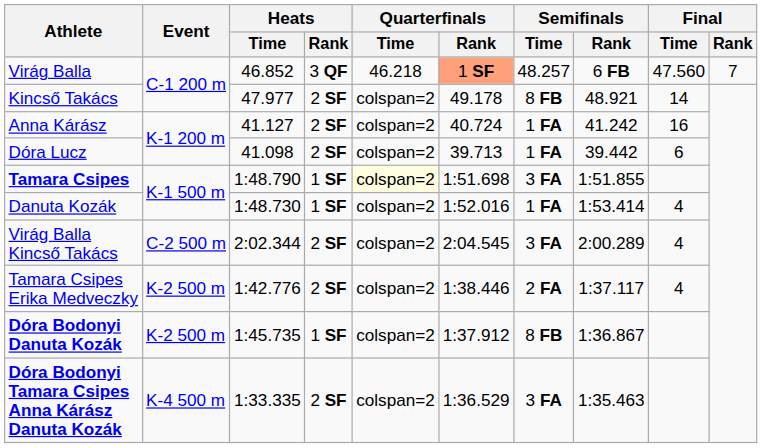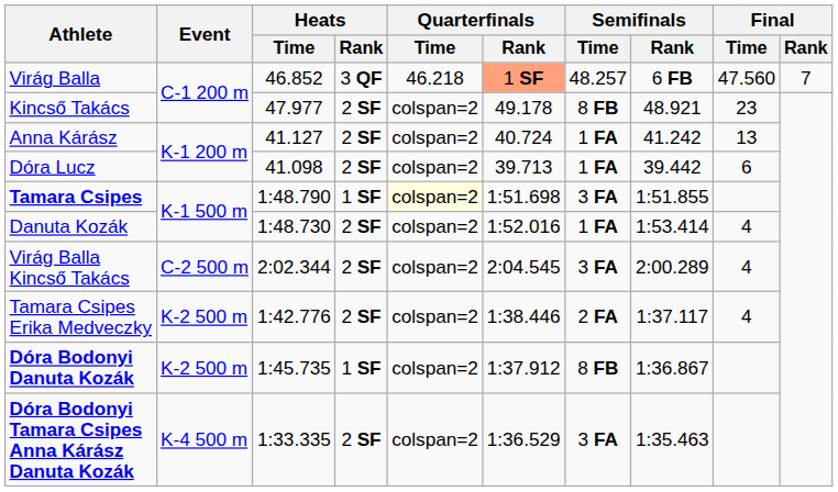 <table class=wikitable style="font-size:90%">
 <tr>
 <th rowspan="2">Athlete</th>
 <th rowspan="2">Event</th>
 <th colspan=2>Heats</th>
 <th colspan=2>Quarterfinals</th>
 <th colspan=2>Semifinals</th>
 <th colspan=2>Final</th>
 </tr>
 <tr style="font-size:95%">
 <th>Time</th>
 <th>Rank</th>
 <th>Time</th>
 <th>Rank</th>
 <th>Time</th>
 <th>Rank</th>
 <th>Time</th>
 <th>Rank</th>
 </tr>
 <tr align=center>
 <td align=left><a href='#'>Virág Balla</a></td>
 <td align=left rowspan=2><a href='#'>C-1 200 m</a></td>
 <td>46.852</td>
 <td>3 <strong>QF</strong></td>
 <td>46.218</td>
 <td style="background: lightsalmon;">1 <strong>SF</strong></td>
 <td>48.257</td>
 <td>6 <strong>FB</strong></td>
 <td>47.560</td>
 <td>7</td>
 </tr>
 <tr align=center>
 <td align=left><a href='#'>Kincső Takács</a></td>
 <td>47.977</td>
 <td>2 <strong>SF</strong></td>
 <td>colspan=2 </td>
 <td>49.178</td>
 <td>8 <strong>FB</strong></td>
 <td>48.921</td>
-<td>14</td>
+<td>23</td>
 </tr>
 <tr align=center>
 <td align="left"><a href='#'>Anna Kárász</a></td>
 <td align="left" rowspan=2><a href='#'>K-1 200 m</a></td>
 <td>41.127</td>
 <td>2 <strong>SF</strong></td>
 <td>colspan=2 </td>
 <td>40.724</td>
 <td>1 <strong>FA</strong></td>
 <td>41.242</td>
-<td>16</td>
+<td>13</td>
 </tr>
 <tr align=center>
 <td align="left"><a href='#'>Dóra Lucz</a></td>
 <td>41.098</td>
 <td>2 <strong>SF</strong></td>
 <td>colspan=2 </td>
 <td>39.713</td>
 <td>1 <strong>FA</strong></td>
 <td>39.442</td>
 <td>6</td>
 </tr>
 <tr align="center">
 <td align="left"><strong> <a href='#'>Tamara Csipes</a></strong></td>
 <td align="left" rowspan=2><a href='#'>K-1 500 m</a></td>
 <td>1:48.790</td>
 <td>1 <strong>SF</strong></td>
 <td style="background: lightyellow;">colspan=2 </td>
 <td>1:51.698</td>
 <td>3 <strong>FA</strong></td>
 <td>1:51.855</td>
 <td></td>
 </tr>
 <tr align="center">
 <td align="left"><a href='#'>Danuta Kozák</a></td>
 <td>1:48.730</td>
-<td>1 <strong>SF</strong></td>
+<td>2 <strong>SF</strong></td>
 <td>colspan=2 </td>
 <td>1:52.016</td>
 <td>1 <strong>FA</strong></td>
 <td>1:53.414</td>
 <td>4</td>
 </tr>
 <tr align="center">
 <td align="left"><a href='#'>Virág Balla</a><br><a href='#'>Kincső Takács</a></td>
 <td align="left"><a href='#'>C-2 500 m</a></td>
 <td>2:02.344</td>
 <td>2 <strong>SF</strong></td>
 <td>colspan=2 </td>
 <td>2:04.545</td>
 <td>3 <strong>FA</strong></td>
 <td>2:00.289</td>
 <td>4</td>
 </tr>
 <tr align=center>
 <td align=left><a href='#'>Tamara Csipes</a><br><a href='#'>Erika Medveczky</a></td>
 <td align=left><a href='#'>K-2 500 m</a></td>
 <td>1:42.776</td>
 <td>2 <strong>SF</strong></td>
 <td>colspan=2 </td>
 <td>1:38.446</td>
 <td>2 <strong>FA</strong></td>
 <td>1:37.117</td>
 <td>4</td>
 </tr>
 <tr align=center>
 <td align=left><strong><a href='#'>Dóra Bodonyi</a><br><a href='#'>Danuta Kozák</a></strong></td>
 <td align=left><a href='#'>K-2 500 m</a></td>
 <td>1:45.735</td>
 <td>1 <strong>SF</strong></td>
 <td>colspan=2 </td>
 <td>1:37.912</td>
 <td>8 <strong>FB</strong></td>
 <td>1:36.867</td>
 <td></td>
 </tr>
 <tr align="center">
 <td align="left"><strong><a href='#'>Dóra Bodonyi</a><br><a href='#'>Tamara Csipes</a><br><a href='#'>Anna Kárász</a><br><a href='#'>Danuta Kozák</a></strong></td>
 <td align="left"><a href='#'>K-4 500 m</a></td>
 <td>1:33.335</td>
 <td>2 <strong>SF</strong></td>
 <td>colspan=2 </td>
 <td>1:36.529</td>
 <td>3 <strong>FA</strong></td>
 <td>1:35.463</td>
 <td></td>
 </tr>
 </table>
